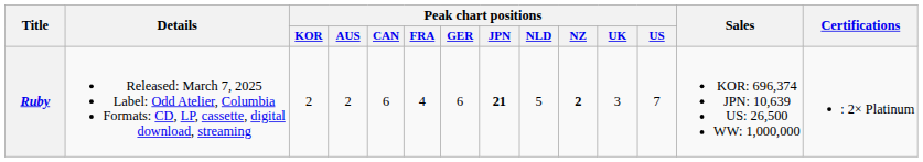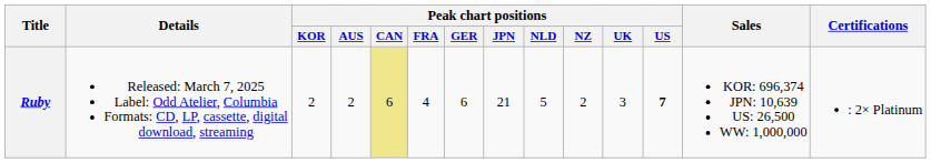 <table class="wikitable plainrowheaders" style="text-align:center">
 <tr>
 <th scope="col" rowspan="2" style="width:4em">Title</th>
 <th scope="col" rowspan="2" style="width:16em">Details</th>
 <th colspan="10" scope="col">Peak chart positions</th>
 <th scope="col" rowspan="2">Sales</th>
 <th scope="col" rowspan="2"><a href='#'>Certifications</a></th>
 </tr>
 <tr>
 <th scope="col" style="width:2.75em;font-size:90%"><a href='#'>KOR</a><br></th>
 <th scope="col" style="width:2.75em;font-size:90%"><a href='#'>AUS</a><br></th>
 <th scope="col" style="width:2.5em;font-size:90%"><a href='#'>CAN</a><br></th>
 <th scope="col" style="width:2.5em;font-size:90%"><a href='#'>FRA</a><br></th>
 <th scope="col" style="width:2.75em;font-size:90%"><a href='#'>GER</a><br></th>
 <th scope="col" style="width:2.75em;font-size:90%"><a href='#'>JPN</a><br></th>
 <th scope="col" style="width:2.75em;font-size:90%"><a href='#'>NLD</a><br></th>
 <th scope="col" style="width:2.75em;font-size:90%"><a href='#'>NZ</a><br></th>
 <th scope="col" style="width:2.75em;font-size:90%"><a href='#'>UK</a><br></th>
 <th scope="col" style="width:2.75em;font-size:90%"><a href='#'>US</a><br></th>
 </tr>
 <tr>
 <th scope="row"><em><a href='#'>Ruby</a></em></th>
 <td><br><ul><li>Released: March 7, 2025</li><li>Label: <a href='#'>Odd Atelier</a>, <a href='#'>Columbia</a></li><li>Formats: <a href='#'>CD</a>, <a href='#'>LP</a>, <a href='#'>cassette</a>, <a href='#'>digital download</a>, <a href='#'>streaming</a></li></ul></td>
 <td>2</td>
 <td>2</td>
-<td>6</td>
+<td style="background: khaki;">6</td>
 <td>4</td>
 <td>6</td>
-<td><strong>21</strong></td>
+<td>21</td>
 <td>5</td>
-<td><strong>2</strong></td>
+<td>2</td>
 <td>3</td>
-<td>7</td>
+<td><strong>7</strong></td>
 <td><br><ul><li>KOR: 696,374</li><li>JPN: 10,639</li><li>US: 26,500</li><li>WW: 1,000,000</li></ul></td>
 <td><br><ul><li><a href='#'></a>: 2× Platinum</li></ul></td>
 </tr>
 </table>
